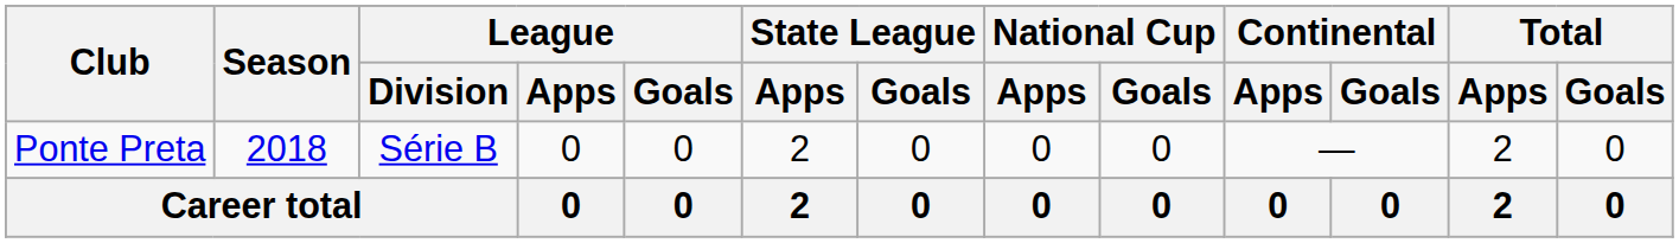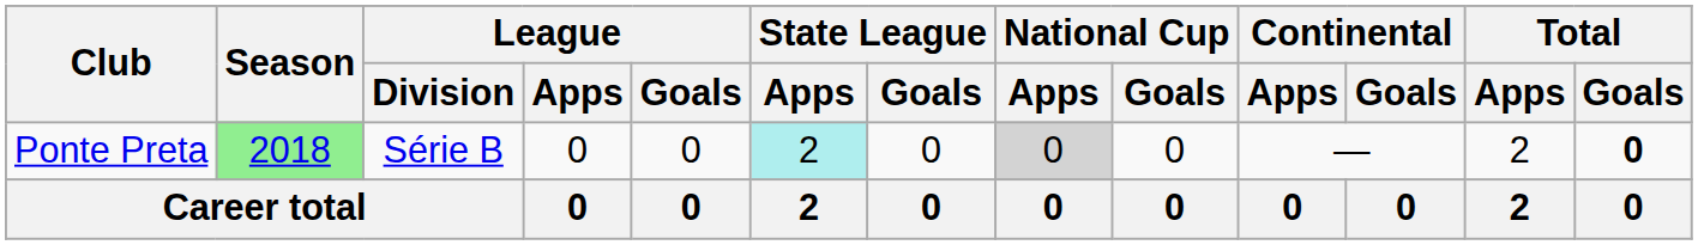 <table class="wikitable" style="text-align: center;">
 <tr>
 <th rowspan="2">Club</th>
 <th rowspan="2">Season</th>
 <th colspan="3">League</th>
 <th colspan="2">State League</th>
 <th colspan="2">National Cup</th>
 <th colspan="2">Continental</th>
 <th colspan="2">Total</th>
 </tr>
 <tr>
 <th>Division</th>
 <th>Apps</th>
 <th>Goals</th>
 <th>Apps</th>
 <th>Goals</th>
 <th>Apps</th>
 <th>Goals</th>
 <th>Apps</th>
 <th>Goals</th>
 <th>Apps</th>
 <th>Goals</th>
 </tr>
 <tr>
 <td rowspan="1" valign="center"><a href='#'>Ponte Preta</a></td>
-<td><a href='#'>2018</a></td>
+<td style="background: lightgreen;"><a href='#'>2018</a></td>
 <td><a href='#'>Série B</a></td>
 <td>0</td>
 <td>0</td>
-<td>2</td>
+<td style="background: paleturquoise;">2</td>
 <td>0</td>
-<td>0</td>
+<td style="background: lightgrey;">0</td>
 <td>0</td>
 <td colspan="2">—</td>
 <td>2</td>
-<td>0</td>
+<td><strong>0</strong></td>
 </tr>
 <tr>
 <th colspan="3">Career total</th>
 <th>0</th>
 <th>0</th>
 <th>2</th>
 <th>0</th>
 <th>0</th>
 <th>0</th>
 <th>0</th>
 <th>0</th>
 <th>2</th>
 <th>0</th>
 </tr>
 </table>
